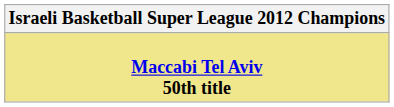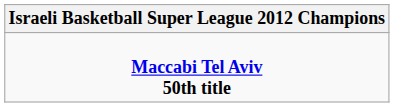 <table class=wikitable style="text-align:center; margin:auto">
 <tr>
 <th>Israeli Basketball Super League 2012 Champions</th>
 </tr>
 <tr>
-<td style="background: khaki;"><br> <strong><a href='#'>Maccabi Tel Aviv</a></strong> <br> <strong>50th title</strong></td>
+<td><br> <strong><a href='#'>Maccabi Tel Aviv</a></strong> <br> <strong>50th title</strong></td>
 </tr>
 </table>
